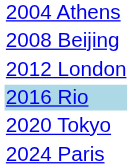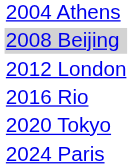 <table>
 <tr>
 <td><a href='#'>2004 Athens</a></td>
 <td></td>
 <td></td>
 <td></td>
 </tr>
 <tr>
-<td><a href='#'>2008 Beijing</a></td>
+<td style="background: lightgrey;"><a href='#'>2008 Beijing</a></td>
 <td></td>
 <td></td>
 <td></td>
 </tr>
 <tr>
 <td><a href='#'>2012 London</a></td>
 <td></td>
 <td></td>
 <td></td>
 </tr>
 <tr>
-<td style="background: lightblue;"><a href='#'>2016 Rio</a></td>
+<td><a href='#'>2016 Rio</a></td>
 <td></td>
 <td></td>
 <td></td>
 </tr>
 <tr>
 <td><a href='#'>2020 Tokyo</a></td>
 <td></td>
 <td></td>
 <td></td>
 </tr>
 <tr>
 <td><a href='#'>2024 Paris</a></td>
 <td></td>
 <td></td>
 <td></td>
 </tr>
 </table>
